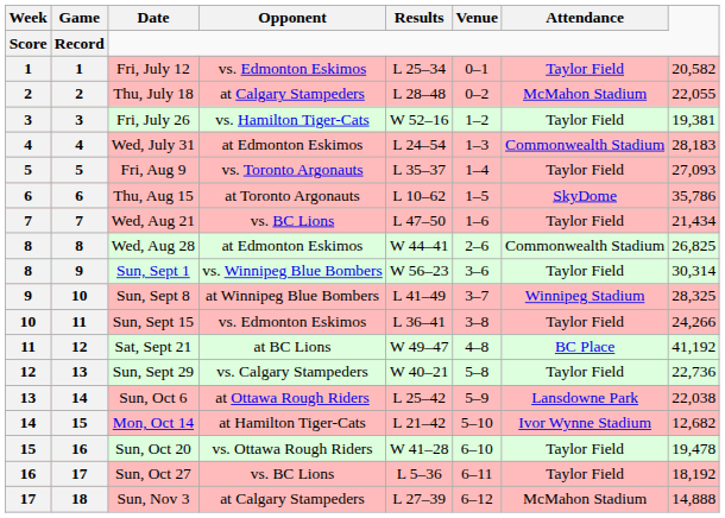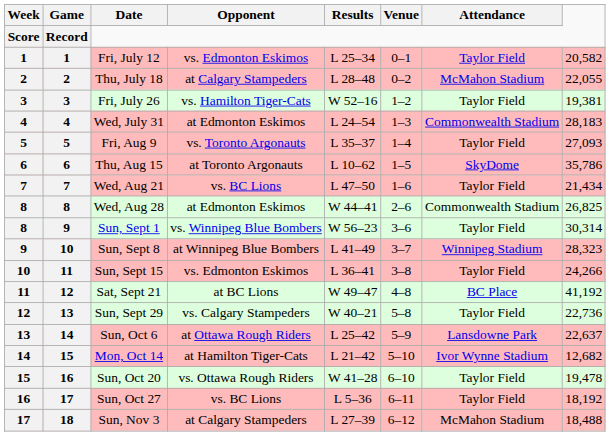 <table class="wikitable" style="text-align:center">
 <tr>
 <th>Week</th>
 <th>Game</th>
 <th>Date</th>
 <th>Opponent</th>
 <th>Results</th>
 <th>Venue</th>
 <th>Attendance</th>
 </tr>
 <tr>
 <th>Score</th>
 <th>Record</th>
 </tr>
 <tr style="background:#ffbbbb">
 <th>1</th>
 <th>1</th>
 <td>Fri, July 12</td>
 <td>vs. <a href='#'>Edmonton Eskimos</a></td>
 <td>L 25–34</td>
 <td>0–1</td>
 <td><a href='#'>Taylor Field</a></td>
 <td>20,582</td>
 </tr>
 <tr style="background:#ffbbbb">
 <th>2</th>
 <th>2</th>
 <td>Thu, July 18</td>
 <td>at <a href='#'>Calgary Stampeders</a></td>
 <td>L 28–48</td>
 <td>0–2</td>
 <td><a href='#'>McMahon Stadium</a></td>
 <td>22,055</td>
 </tr>
 <tr style="background:#ddffdd">
 <th>3</th>
 <th>3</th>
 <td>Fri, July 26</td>
 <td>vs. <a href='#'>Hamilton Tiger-Cats</a></td>
 <td>W 52–16</td>
 <td>1–2</td>
 <td>Taylor Field</td>
 <td>19,381</td>
 </tr>
 <tr style="background:#ffbbbb">
 <th>4</th>
 <th>4</th>
 <td>Wed, July 31</td>
 <td>at Edmonton Eskimos</td>
 <td>L 24–54</td>
 <td>1–3</td>
 <td><a href='#'>Commonwealth Stadium</a></td>
 <td>28,183</td>
 </tr>
 <tr style="background:#ffbbbb">
 <th>5</th>
 <th>5</th>
 <td>Fri, Aug 9</td>
 <td>vs. <a href='#'>Toronto Argonauts</a></td>
 <td>L 35–37</td>
 <td>1–4</td>
 <td>Taylor Field</td>
 <td>27,093</td>
 </tr>
 <tr style="background:#ffbbbb">
 <th>6</th>
 <th>6</th>
 <td>Thu, Aug 15</td>
 <td>at Toronto Argonauts</td>
 <td>L 10–62</td>
 <td>1–5</td>
 <td><a href='#'>SkyDome</a></td>
 <td>35,786</td>
 </tr>
 <tr style="background:#ffbbbb">
 <th>7</th>
 <th>7</th>
 <td>Wed, Aug 21</td>
 <td>vs. <a href='#'>BC Lions</a></td>
 <td>L 47–50</td>
 <td>1–6</td>
 <td>Taylor Field</td>
 <td>21,434</td>
 </tr>
 <tr style="background:#ddffdd">
 <th>8</th>
 <th>8</th>
 <td>Wed, Aug 28</td>
 <td>at Edmonton Eskimos</td>
 <td>W 44–41</td>
 <td>2–6</td>
 <td>Commonwealth Stadium</td>
 <td>26,825</td>
 </tr>
 <tr style="background:#ddffdd">
 <th>8</th>
 <th>9</th>
 <td><a href='#'>Sun, Sept 1</a></td>
 <td>vs. <a href='#'>Winnipeg Blue Bombers</a></td>
 <td>W 56–23</td>
 <td>3–6</td>
 <td>Taylor Field</td>
 <td>30,314</td>
 </tr>
 <tr style="background:#ffbbbb">
 <th>9</th>
 <th>10</th>
 <td>Sun, Sept 8</td>
 <td>at Winnipeg Blue Bombers</td>
 <td>L 41–49 </td>
 <td>3–7</td>
 <td><a href='#'>Winnipeg Stadium</a></td>
-<td>28,325</td>
+<td>28,323</td>
 </tr>
 <tr style="background:#ffbbbb">
 <th>10</th>
 <th>11</th>
 <td>Sun, Sept 15</td>
 <td>vs. Edmonton Eskimos</td>
 <td>L 36–41</td>
 <td>3–8</td>
 <td>Taylor Field</td>
 <td>24,266</td>
 </tr>
 <tr style="background:#ddffdd">
 <th>11</th>
 <th>12</th>
 <td>Sat, Sept 21</td>
 <td>at BC Lions</td>
 <td>W 49–47</td>
 <td>4–8</td>
 <td><a href='#'>BC Place</a></td>
 <td>41,192</td>
 </tr>
 <tr style="background:#ddffdd">
 <th>12</th>
 <th>13</th>
 <td>Sun, Sept 29</td>
 <td>vs. Calgary Stampeders</td>
 <td>W 40–21</td>
 <td>5–8</td>
 <td>Taylor Field</td>
 <td>22,736</td>
 </tr>
 <tr style="background:#ffbbbb">
 <th>13</th>
 <th>14</th>
 <td>Sun, Oct 6</td>
 <td>at <a href='#'>Ottawa Rough Riders</a></td>
 <td>L 25–42</td>
 <td>5–9</td>
 <td><a href='#'>Lansdowne Park</a></td>
-<td>22,038</td>
+<td>22,637</td>
 </tr>
 <tr style="background:#ffbbbb">
 <th>14</th>
 <th>15</th>
 <td><a href='#'>Mon, Oct 14</a></td>
 <td>at Hamilton Tiger-Cats</td>
 <td>L 21–42</td>
 <td>5–10</td>
 <td><a href='#'>Ivor Wynne Stadium</a></td>
 <td>12,682</td>
 </tr>
 <tr style="background:#ddffdd">
 <th>15</th>
 <th>16</th>
 <td>Sun, Oct 20</td>
 <td>vs. Ottawa Rough Riders</td>
 <td>W 41–28</td>
 <td>6–10</td>
 <td>Taylor Field</td>
 <td>19,478</td>
 </tr>
 <tr style="background:#ffbbbb">
 <th>16</th>
 <th>17</th>
 <td>Sun, Oct 27</td>
 <td>vs. BC Lions</td>
 <td>L 5–36</td>
 <td>6–11</td>
 <td>Taylor Field</td>
 <td>18,192</td>
 </tr>
 <tr style="background:#ffbbbb">
 <th>17</th>
 <th>18</th>
 <td>Sun, Nov 3</td>
 <td>at Calgary Stampeders</td>
 <td>L 27–39</td>
 <td>6–12</td>
 <td>McMahon Stadium</td>
-<td>14,888</td>
+<td>18,488</td>
 </tr>
 </table>
